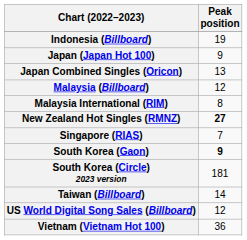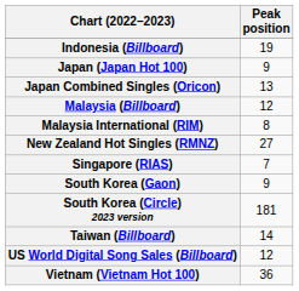 <table class="wikitable plainrowheaders sortable" style="text-align:center">
 <tr>
 <th scope="col">Chart (2022–2023)</th>
 <th scope="col">Peak<br>position</th>
 </tr>
 <tr>
 </tr>
 <tr>
 <th scope="row">Indonesia (<em><a href='#'>Billboard</a></em>)</th>
 <td>19</td>
 </tr>
 <tr>
 <th scope="row">Japan (<a href='#'>Japan Hot 100</a>)</th>
 <td>9</td>
 </tr>
 <tr>
 <th scope="row">Japan Combined Singles (<a href='#'>Oricon</a>)</th>
 <td>13</td>
 </tr>
 <tr>
 <th scope="row"><a href='#'>Malaysia</a> (<em><a href='#'>Billboard</a></em>)</th>
 <td>12</td>
 </tr>
 <tr>
 <th scope="row">Malaysia International (<a href='#'>RIM</a>)</th>
 <td>8</td>
 </tr>
 <tr>
 <th scope="row">New Zealand Hot Singles (<a href='#'>RMNZ</a>)</th>
-<td><strong>27</strong></td>
+<td>27</td>
 </tr>
 <tr>
 <th scope="row">Singapore (<a href='#'>RIAS</a>)</th>
 <td>7</td>
 </tr>
 <tr>
 <th scope="row">South Korea (<a href='#'>Gaon</a>)</th>
-<td><strong>9</strong></td>
+<td>9</td>
 </tr>
 <tr>
 <th scope="row">South Korea (<a href='#'>Circle</a>)<br><small><em>2023 version</em></small></th>
 <td>181</td>
 </tr>
 <tr>
 <th scope="row">Taiwan (<em><a href='#'>Billboard</a></em>)</th>
 <td>14</td>
 </tr>
 <tr>
 <th scope="row">US <a href='#'>World Digital Song Sales</a> (<em><a href='#'>Billboard</a></em>)</th>
 <td>12</td>
 </tr>
 <tr>
 <th scope="row">Vietnam (<a href='#'>Vietnam Hot 100</a>)</th>
 <td>36</td>
 </tr>
 </table>
